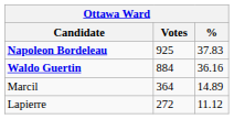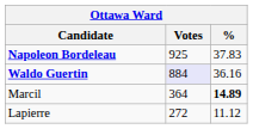 <table class="wikitable">
 <tr>
 <th colspan="3"><a href='#'>Ottawa Ward</a></th>
 </tr>
 <tr>
 <th style="width: 200px">Candidate</th>
 <th style="width: 50px">Votes</th>
 <th style="width: 40px">%</th>
 </tr>
 <tr>
 <td><strong><a href='#'>Napoleon Bordeleau</a></strong></td>
 <td>925</td>
 <td>37.83</td>
 </tr>
 <tr>
 <td><strong><a href='#'>Waldo Guertin</a></strong></td>
-<td>884</td>
+<td style="background: lavender;">884</td>
 <td>36.16</td>
 </tr>
 <tr>
 <td>Marcil</td>
 <td>364</td>
-<td>14.89</td>
+<td><strong>14.89</strong></td>
 </tr>
 <tr>
 <td>Lapierre</td>
 <td>272</td>
 <td>11.12</td>
 </tr>
 </table>
